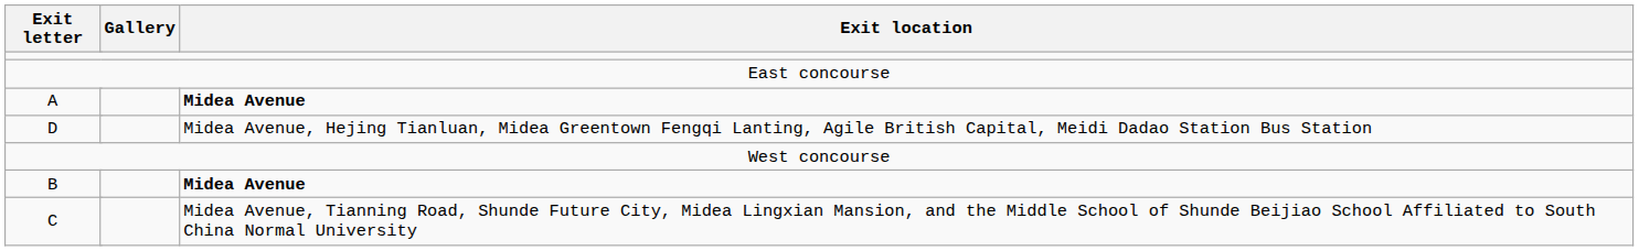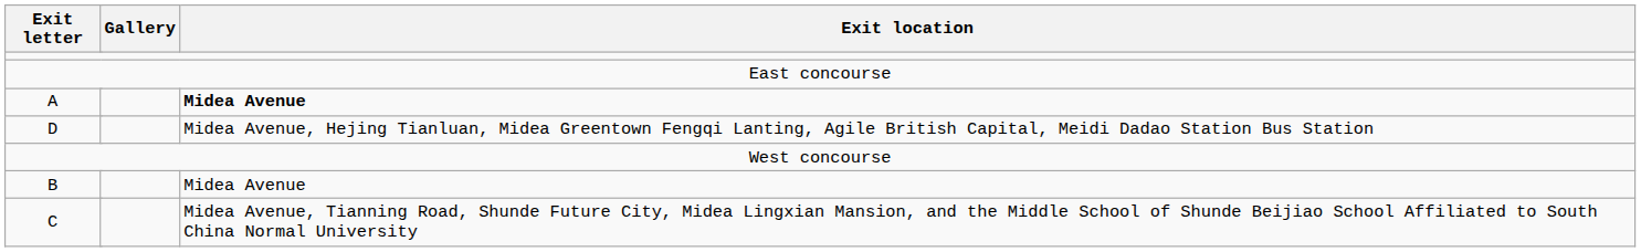 <table class="wikitable">
 <tr>
 <th colspan="2" style="width:70px">Exit letter</th>
 <th>Gallery</th>
 <th>Exit location</th>
 </tr>
 <tr style="background:#">
 <td colspan="4"></td>
 </tr>
 <tr>
 <td align="center" colspan="4">East concourse</td>
 </tr>
 <tr>
 <td colspan="2" align="center">A</td>
 <td></td>
 <td><strong>Midea Avenue</strong></td>
 </tr>
 <tr>
 <td colspan="2" align="center">D</td>
 <td></td>
 <td>Midea Avenue, Hejing Tianluan, Midea Greentown Fengqi Lanting, Agile British Capital, Meidi Dadao Station Bus Station</td>
 </tr>
 <tr>
 <td align="center" colspan="4">West concourse</td>
 </tr>
 <tr>
 <td colspan="2" align="center">B</td>
 <td></td>
-<td><strong>Midea Avenue</strong></td>
+<td>Midea Avenue</td>
 </tr>
 <tr>
 <td colspan="2" align="center">C</td>
 <td></td>
 <td>Midea Avenue, Tianning Road, Shunde Future City, Midea Lingxian Mansion, and the Middle School of Shunde Beijiao School Affiliated to South China Normal University</td>
 </tr>
 </table>
